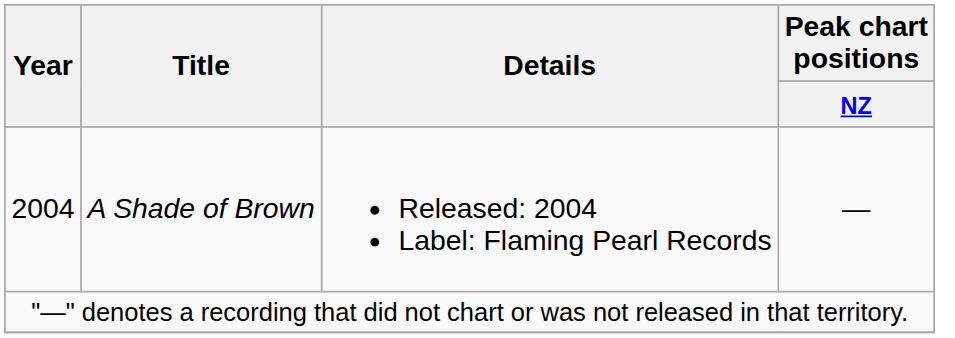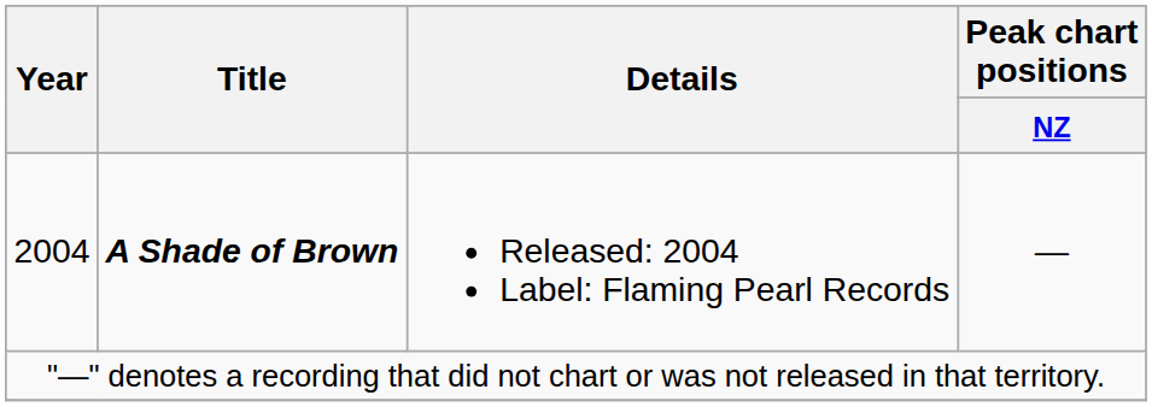 <table class="wikitable plainrowheaders">
 <tr>
 <th rowspan="2">Year</th>
 <th rowspan="2">Title</th>
 <th rowspan="2">Details</th>
 <th>Peak chart<br>positions</th>
 </tr>
 <tr>
 <th><small><a href='#'>NZ</a></small></th>
 </tr>
 <tr>
 <td>2004</td>
-<td><em>A Shade of Brown</em></td>
+<td><strong><em>A Shade of Brown</em></strong></td>
 <td><br><ul><li>Released: 2004</li><li>Label: Flaming Pearl Records</li></ul></td>
 <td align="center">—</td>
 </tr>
 <tr>
 <td colspan="4" style="font-size:90%" align="center">"—" denotes a recording that did not chart or was not released in that territory.</td>
 </tr>
 <tr>
 </tr>
 </table>
